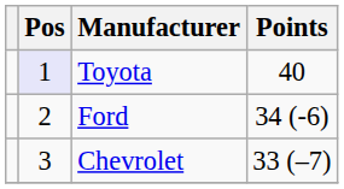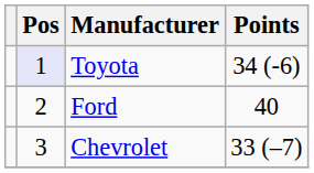 <table class="wikitable" style="font-size: 95%;">
 <tr>
 <th></th>
 <th>Pos</th>
 <th>Manufacturer</th>
 <th>Points</th>
 </tr>
 <tr>
 <td align="left"></td>
 <td style="background: lavender; text-align:center;">1</td>
 <td><a href='#'>Toyota</a></td>
-<td style="text-align:center;">40</td>
+<td style="text-align:center;">34 (-6)</td>
 </tr>
 <tr>
 <td align="left"></td>
 <td style="text-align:center;">2</td>
 <td><a href='#'>Ford</a></td>
-<td style="text-align:center;">34 (-6)</td>
+<td style="text-align:center;">40</td>
 </tr>
 <tr>
 <td align="left"></td>
 <td style="text-align:center;">3</td>
 <td><a href='#'>Chevrolet</a></td>
 <td style="text-align:center;">33 (–7)</td>
 </tr>
 <tr class="sortbottom">
 </tr>
 </table>
